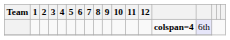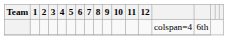 <table class="wikitable" style="font-size:85%; text-align:center;">
 <tr>
 <th>Team</th>
 <th>1</th>
 <th>2</th>
 <th>3</th>
 <th>4</th>
 <th>5</th>
 <th>6</th>
 <th>7</th>
 <th>8</th>
 <th>9</th>
 <th>10</th>
 <th>11</th>
 <th>12</th>
 <th></th>
 <th></th>
 <th></th>
 <th></th>
 <th></th>
 </tr>
 <tr>
 <th align="left"></th>
 <td></td>
 <td></td>
 <td></td>
 <td></td>
 <td></td>
 <td></td>
 <td></td>
 <td></td>
 <td></td>
 <td></td>
 <td></td>
 <td></td>
-<td><strong>colspan=4 </strong></td>
-<td style="background: lavender;">6th</td>
+<td>colspan=4 </td>
+<td>6th</td>
 </tr>
 <tr>
 </tr>
 </table>
